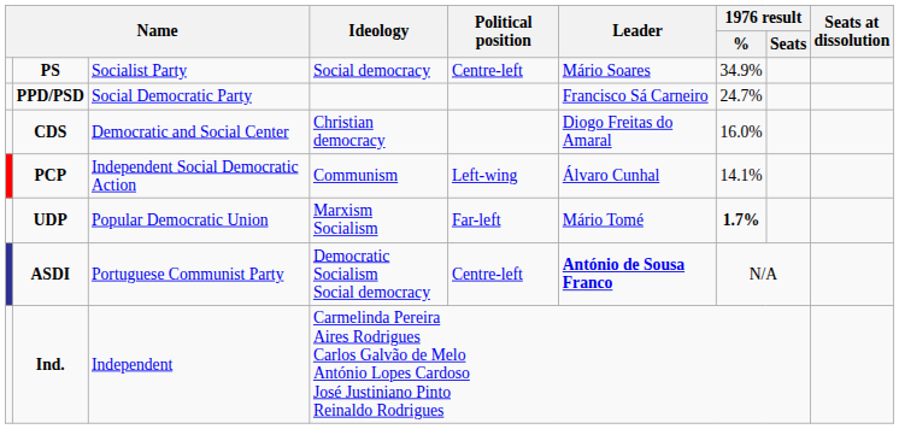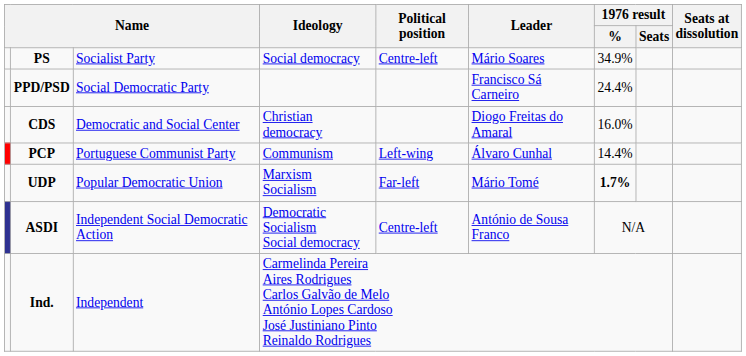 <table class="wikitable">
 <tr>
 <th rowspan="2" colspan="3">Name</th>
 <th rowspan="2">Ideology</th>
 <th rowspan="2">Political position</th>
 <th rowspan="2">Leader</th>
 <th colspan="2">1976 result</th>
 <th rowspan="2">Seats at<br>dissolution</th>
 </tr>
 <tr>
 <th>%</th>
 <th>Seats</th>
 </tr>
 <tr>
 <td style="background:"></td>
 <td style="text-align:center;"><strong>PS</strong></td>
 <td><a href='#'>Socialist Party</a><br></td>
 <td><a href='#'>Social democracy</a></td>
 <td><a href='#'>Centre-left</a></td>
 <td><a href='#'>Mário Soares</a></td>
 <td style="text-align:center;">34.9%</td>
 <td></td>
 <td></td>
 </tr>
 <tr>
 <td style="background:"></td>
 <td style="text-align:center;"><strong>PPD/PSD</strong></td>
 <td><a href='#'>Social Democratic Party</a><br></td>
 <td></td>
 <td></td>
 <td><a href='#'>Francisco Sá Carneiro</a></td>
-<td style="text-align:center;">24.7%<br></td>
+<td style="text-align:center;">24.4%<br></td>
 <td></td>
 <td></td>
 </tr>
 <tr>
 <td style="background:"></td>
 <td style="text-align:center;"><strong>CDS</strong></td>
 <td><a href='#'>Democratic and Social Center</a><br></td>
 <td><a href='#'>Christian democracy</a></td>
 <td></td>
 <td><a href='#'>Diogo Freitas do Amaral</a></td>
 <td style="text-align:center;">16.0%<br></td>
 <td></td>
 <td></td>
 </tr>
 <tr>
 <td style="background:#f00;"></td>
 <td style="text-align:center;"><strong>PCP</strong></td>
-<td><a href='#'>Independent Social Democratic Action</a><br></td>
+<td><a href='#'>Portuguese Communist Party</a><br></td>
 <td><a href='#'>Communism</a></td>
 <td><a href='#'>Left-wing</a></td>
 <td><a href='#'>Álvaro Cunhal</a></td>
-<td style="text-align:center;">14.1%<br></td>
+<td style="text-align:center;">14.4%<br></td>
 <td></td>
 <td></td>
 </tr>
 <tr>
 <td style="background:"></td>
 <td style="text-align:center;"><strong>UDP</strong></td>
 <td><a href='#'>Popular Democratic Union</a><br></td>
 <td><a href='#'>Marxism</a><br><a href='#'>Socialism</a></td>
 <td><a href='#'>Far-left</a></td>
 <td><a href='#'>Mário Tomé</a></td>
 <td style="text-align:center;"><strong>1.7%</strong></td>
 <td></td>
 <td></td>
 </tr>
 <tr>
 <td style="background:#2E3191;"></td>
 <td style="text-align:center;"><strong>ASDI</strong></td>
-<td><a href='#'>Portuguese Communist Party</a><br></td>
+<td><a href='#'>Independent Social Democratic Action</a><br></td>
 <td><a href='#'>Democratic Socialism</a><br><a href='#'>Social democracy</a></td>
 <td><a href='#'>Centre-left</a></td>
-<td><strong><a href='#'>António de Sousa Franco</a></strong></td>
+<td><a href='#'>António de Sousa Franco</a></td>
 <td colspan="2" style="text-align:center;">N/A</td>
 <td></td>
 </tr>
 <tr>
 <td style="color:inherit;background:"></td>
 <td style="text-align:center;"><strong>Ind.</strong></td>
 <td><a href='#'>Independent</a><br></td>
 <td colspan="5"><a href='#'>Carmelinda Pereira</a> <br><a href='#'>Aires Rodrigues</a> <br><a href='#'>Carlos Galvão de Melo</a> <br><a href='#'>António Lopes Cardoso</a> <br><a href='#'>José Justiniano Pinto</a> <br><a href='#'>Reinaldo Rodrigues</a> </td>
 <td></td>
 </tr>
 </table>
